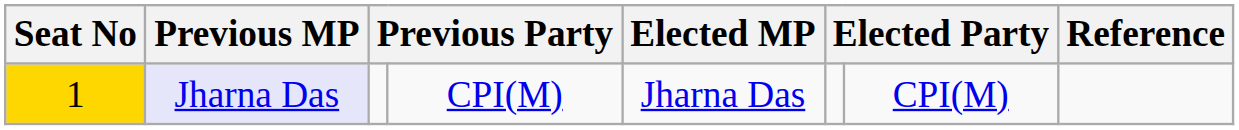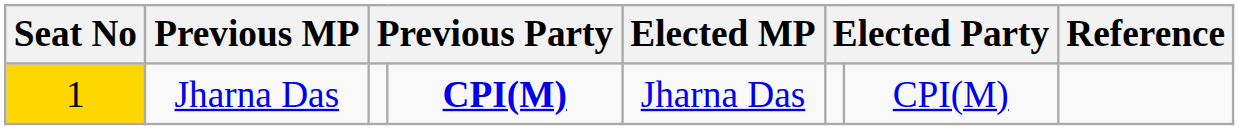 <table class="wikitable">
 <tr>
 <th>Seat No</th>
 <th>Previous MP</th>
 <th colspan=2>Previous Party</th>
 <th>Elected MP</th>
 <th colspan=2>Elected Party</th>
 <th>Reference</th>
 </tr>
 <tr style="text-align:center;">
 <td style="background: gold;">1</td>
-<td style="background: lavender;"><a href='#'>Jharna Das</a></td>
+<td><a href='#'>Jharna Das</a></td>
 <td width="1px"></td>
-<td><a href='#'>CPI(M)</a></td>
+<td><strong><a href='#'>CPI(M)</a></strong></td>
 <td><a href='#'>Jharna Das</a></td>
 <td width="1px"></td>
 <td><a href='#'>CPI(M)</a></td>
 <td rowspan=1></td>
 </tr>
 </table>
